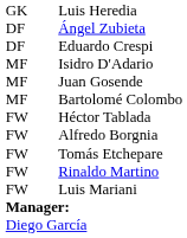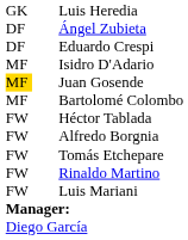 <table style="font-size:90%; margin:0.2em auto;" cellspacing="0" cellpadding="0">
 <tr>
 <th width="25"></th>
 <th width="25"></th>
 </tr>
 <tr>
 <td>GK</td>
 <td></td>
 <td> Luis Heredia</td>
 </tr>
 <tr>
 <td>DF</td>
 <td></td>
 <td> <a href='#'>Ángel Zubieta</a></td>
 </tr>
 <tr>
 <td>DF</td>
 <td></td>
 <td> Eduardo Crespi</td>
 </tr>
 <tr>
 <td>MF</td>
 <td></td>
 <td> Isidro D'Adario</td>
 </tr>
 <tr>
-<td>MF</td>
+<td style="background: gold;">MF</td>
 <td></td>
 <td> Juan Gosende</td>
 </tr>
 <tr>
 <td>MF</td>
 <td></td>
 <td> Bartolomé Colombo</td>
 </tr>
 <tr>
 <td>FW</td>
 <td></td>
 <td> Héctor Tablada</td>
 </tr>
 <tr>
 <td>FW</td>
 <td></td>
 <td> Alfredo Borgnia</td>
 </tr>
 <tr>
 <td>FW</td>
 <td></td>
 <td> Tomás Etchepare</td>
 </tr>
 <tr>
 <td>FW</td>
 <td></td>
 <td> <a href='#'>Rinaldo Martino</a></td>
 </tr>
 <tr>
 <td>FW</td>
 <td></td>
 <td> Luis Mariani</td>
 </tr>
 <tr>
 <td colspan=3><strong>Manager:</strong></td>
 </tr>
 <tr>
 <td colspan=4> <a href='#'>Diego García</a></td>
 </tr>
 </table>
